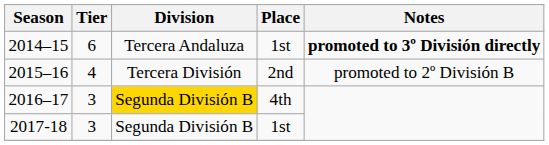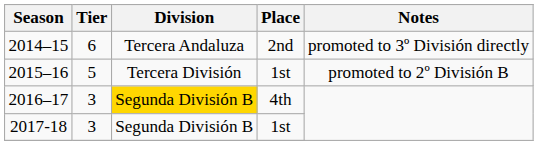 <table class="wikitable">
 <tr style="background:#f0f6fa;">
 <th>Season</th>
 <th>Tier</th>
 <th>Division</th>
 <th>Place</th>
 <th>Notes</th>
 </tr>
 <tr>
 <td style="text-align:center;">2014–15</td>
 <td style="text-align:center;">6</td>
 <td style="text-align:center;">Tercera Andaluza</td>
-<td style="text-align:center;">1st</td>
-<td style="text-align:center;"><strong>promoted to 3º División directly</strong></td>
+<td style="text-align:center;">2nd</td>
+<td style="text-align:center;">promoted to 3º División directly</td>
 </tr>
 <tr>
 <td style="text-align:center;">2015–16</td>
-<td style="text-align:center;">4</td>
+<td style="text-align:center;">5</td>
 <td style="text-align:center;">Tercera División</td>
-<td style="text-align:center;">2nd</td>
+<td style="text-align:center;">1st</td>
 <td style="text-align:center;">promoted to 2º División B</td>
 </tr>
 <tr>
 <td style="text-align:center;">2016–17</td>
 <td style="text-align:center;">3</td>
 <td style="background: gold; text-align:center;">Segunda División B</td>
 <td style="text-align:center;">4th</td>
 </tr>
 <tr>
 <td style="text-align:center;">2017-18</td>
 <td style="text-align:center;">3</td>
 <td style="text-align:center;">Segunda División B</td>
 <td style="text-align:center;">1st</td>
 </tr>
 <tr>
 </tr>
 </table>
